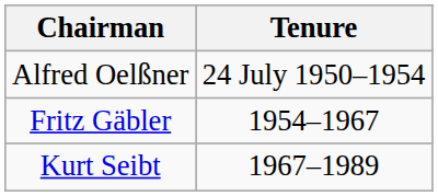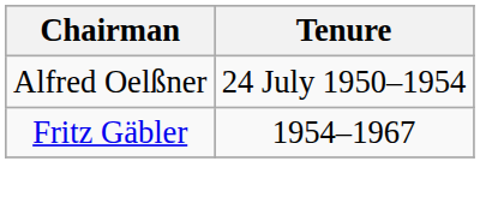 <table class="wikitable" style="text-align: center;">
 <tr>
 <th>Chairman</th>
 <th>Tenure</th>
 </tr>
 <tr>
 <td>Alfred Oelßner</td>
 <td>24 July 1950–1954</td>
 </tr>
 <tr>
 <td><a href='#'>Fritz Gäbler</a></td>
 <td>1954–1967</td>
 </tr>
-<tr>
-<td><a href='#'>Kurt Seibt</a></td>
-<td>1967–1989</td>
-</tr>
 </table>
